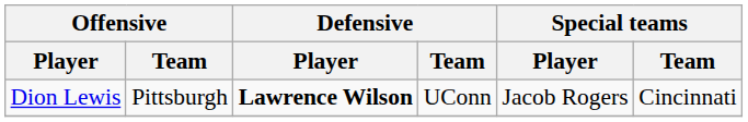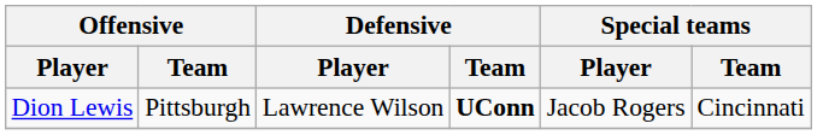 <table class="wikitable" border="1">
 <tr>
 <th colspan="2">Offensive</th>
 <th colspan="2">Defensive</th>
 <th colspan="2">Special teams</th>
 </tr>
 <tr>
 <th>Player</th>
 <th>Team</th>
 <th>Player</th>
 <th>Team</th>
 <th>Player</th>
 <th>Team</th>
 </tr>
 <tr>
 <td><a href='#'>Dion Lewis</a></td>
 <td>Pittsburgh</td>
-<td><strong>Lawrence Wilson</strong></td>
-<td>UConn</td>
+<td>Lawrence Wilson</td>
+<td><strong>UConn</strong></td>
 <td>Jacob Rogers</td>
 <td>Cincinnati</td>
 </tr>
 <tr>
 </tr>
 </table>
